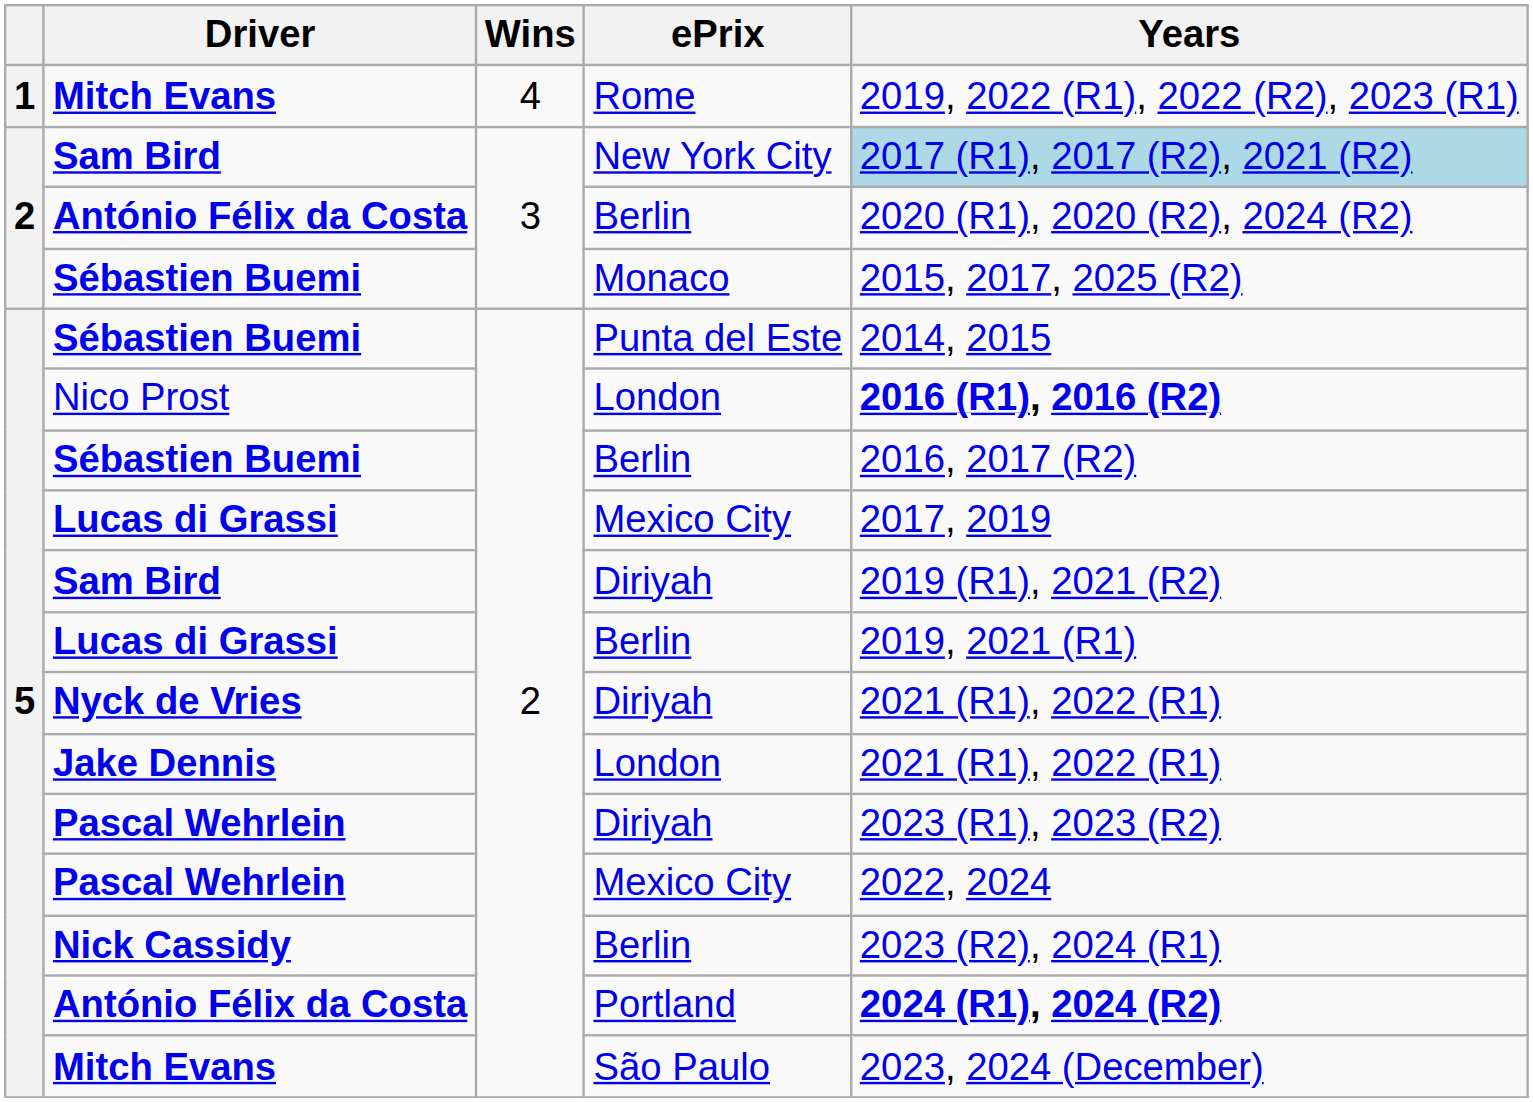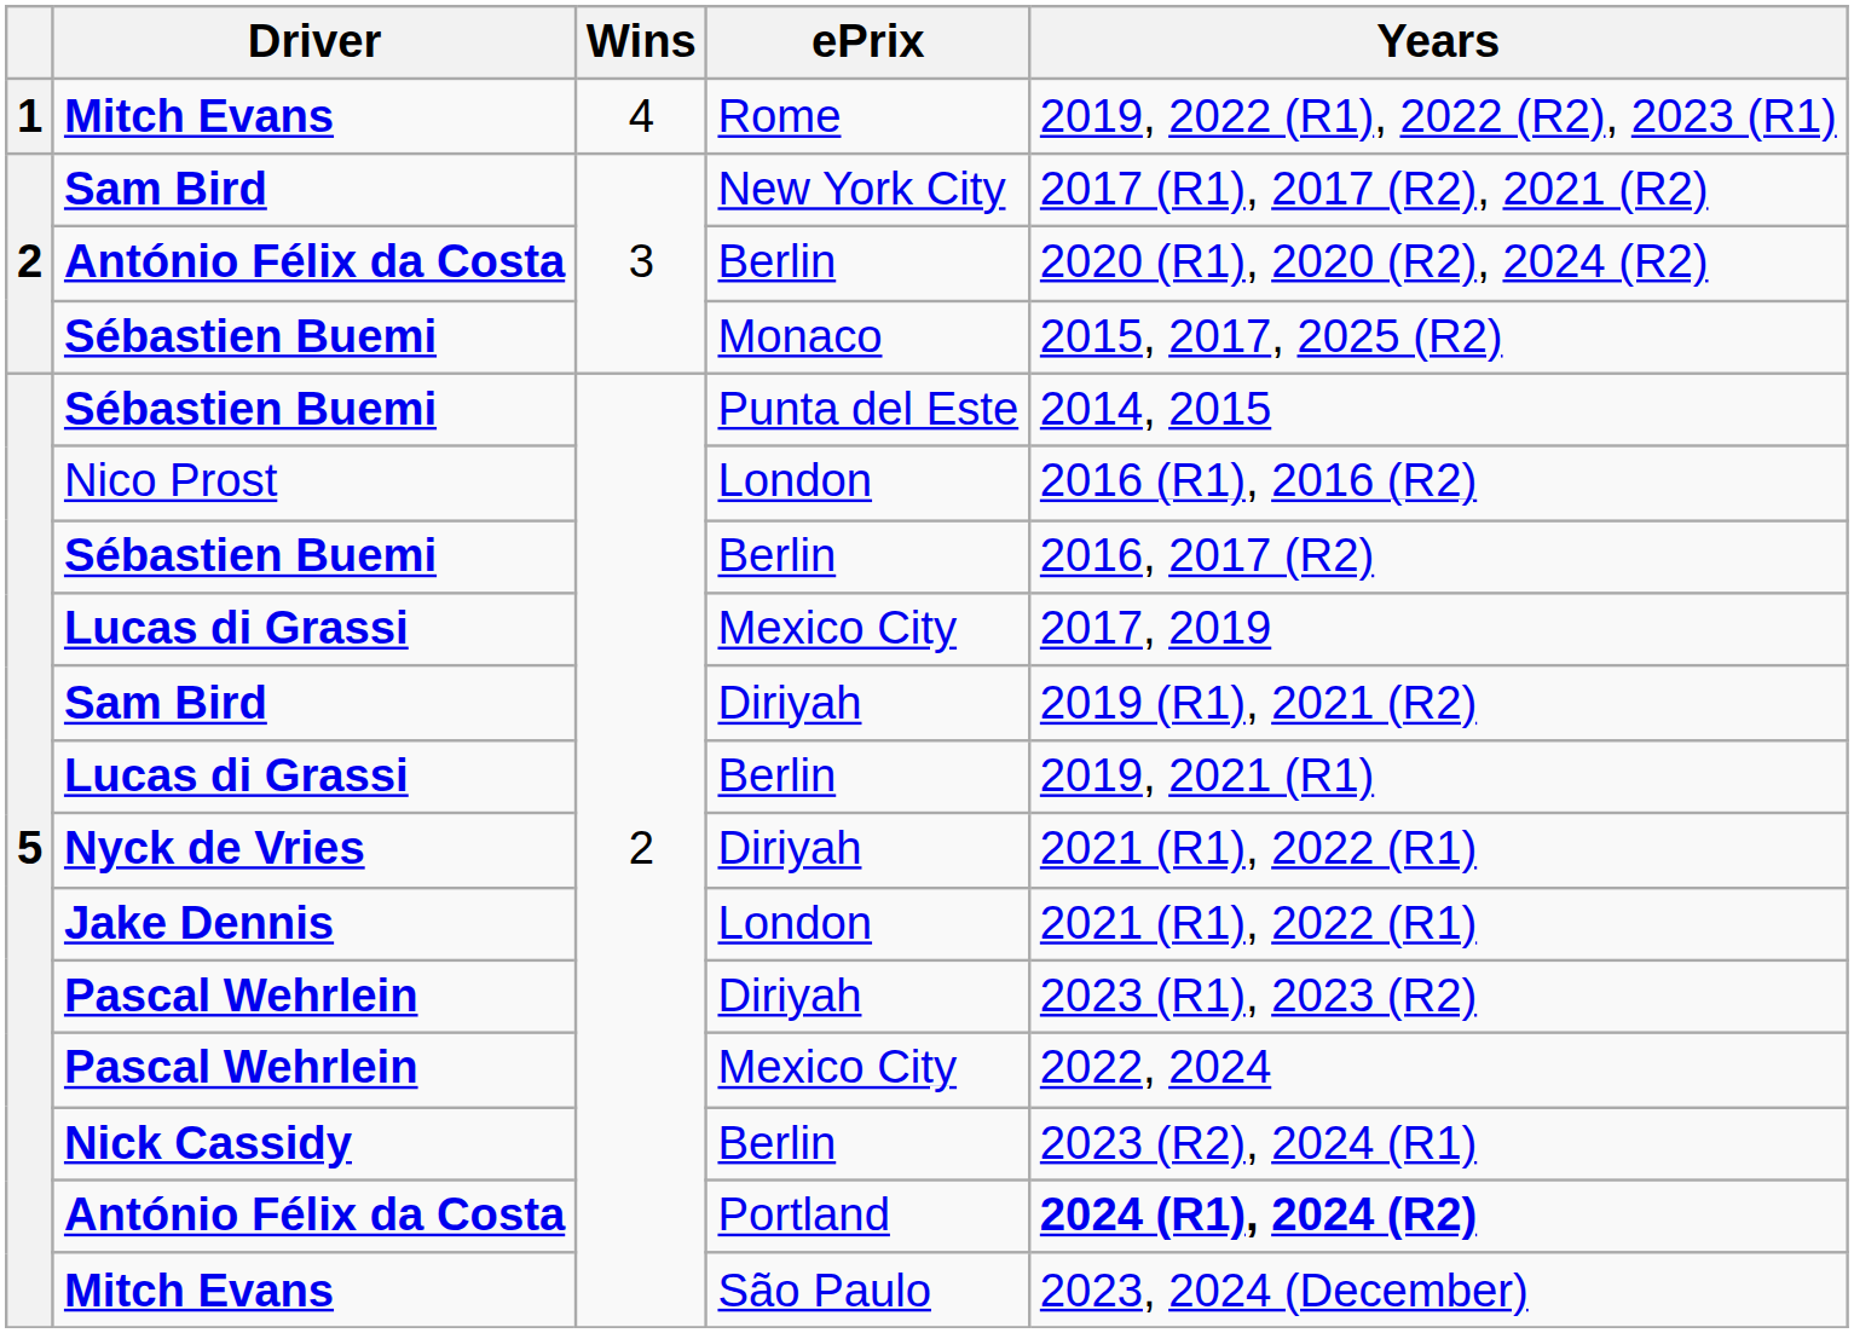 <table class="wikitable">
 <tr>
 <th></th>
 <th>Driver</th>
 <th>Wins</th>
 <th>ePrix</th>
 <th>Years</th>
 </tr>
 <tr>
 <th>1</th>
 <td align=left> <strong><a href='#'>Mitch Evans</a></strong></td>
 <td align="center">4</td>
 <td><a href='#'>Rome</a></td>
 <td><a href='#'>2019</a>, <a href='#'>2022 (R1)</a>, <a href='#'>2022 (R2)</a>, <a href='#'>2023 (R1)</a></td>
 </tr>
 <tr>
 <th rowspan=3>2</th>
 <td align=left> <strong><a href='#'>Sam Bird</a></strong></td>
 <td rowspan=3 align="center">3</td>
 <td><a href='#'>New York City</a></td>
-<td style="background: lightblue;"><a href='#'>2017 (R1)</a>, <a href='#'>2017 (R2)</a>, <a href='#'>2021 (R2)</a></td>
+<td><a href='#'>2017 (R1)</a>, <a href='#'>2017 (R2)</a>, <a href='#'>2021 (R2)</a></td>
 </tr>
 <tr>
 <td> <strong><a href='#'>António Félix da Costa</a></strong></td>
 <td><a href='#'>Berlin</a></td>
 <td><a href='#'>2020 (R1)</a>, <a href='#'>2020 (R2)</a>, <a href='#'>2024 (R2)</a></td>
 </tr>
 <tr>
 <td align=left> <strong><a href='#'>Sébastien Buemi</a></strong></td>
 <td><a href='#'>Monaco</a></td>
 <td><a href='#'>2015</a>, <a href='#'>2017</a>, <a href='#'>2025 (R2)</a></td>
 </tr>
 <tr>
 <th rowspan="13">5</th>
 <td align=left> <strong><a href='#'>Sébastien Buemi</a></strong></td>
 <td rowspan="14" align="center">2</td>
 <td><a href='#'>Punta del Este</a></td>
 <td><a href='#'>2014</a>, <a href='#'>2015</a></td>
 </tr>
 <tr>
 <td align=left> <a href='#'>Nico Prost</a></td>
 <td><a href='#'>London</a></td>
-<td><strong><a href='#'>2016 (R1)</a>, <a href='#'>2016 (R2)</a></strong></td>
+<td><a href='#'>2016 (R1)</a>, <a href='#'>2016 (R2)</a></td>
 </tr>
 <tr>
 <td align=left> <strong><a href='#'>Sébastien Buemi</a></strong></td>
 <td><a href='#'>Berlin</a></td>
 <td><a href='#'>2016</a>, <a href='#'>2017 (R2)</a></td>
 </tr>
 <tr>
 <td> <strong><a href='#'>Lucas di Grassi</a></strong></td>
 <td><a href='#'>Mexico City</a></td>
 <td><a href='#'>2017</a>, <a href='#'>2019</a></td>
 </tr>
 <tr>
 <td> <strong><a href='#'>Sam Bird</a></strong></td>
 <td><a href='#'>Diriyah</a></td>
 <td><a href='#'>2019 (R1)</a>, <a href='#'>2021 (R2)</a></td>
 </tr>
 <tr>
 <td> <strong><a href='#'>Lucas di Grassi</a></strong></td>
 <td><a href='#'>Berlin</a></td>
 <td><a href='#'>2019</a>,  <a href='#'>2021 (R1)</a></td>
 </tr>
 <tr>
 <td> <strong><a href='#'>Nyck de Vries</a></strong></td>
 <td><a href='#'>Diriyah</a></td>
 <td><a href='#'>2021 (R1)</a>, <a href='#'>2022 (R1)</a></td>
 </tr>
 <tr>
 <td> <strong><a href='#'>Jake Dennis</a></strong></td>
 <td><a href='#'>London</a></td>
 <td><a href='#'>2021 (R1)</a>, <a href='#'>2022 (R1)</a></td>
 </tr>
 <tr>
 <td> <strong><a href='#'>Pascal Wehrlein</a></strong></td>
 <td><a href='#'>Diriyah</a></td>
 <td><a href='#'>2023 (R1)</a>, <a href='#'>2023 (R2)</a></td>
 </tr>
 <tr>
 <td> <strong><a href='#'>Pascal Wehrlein</a></strong></td>
 <td><a href='#'>Mexico City</a></td>
 <td><a href='#'>2022</a>, <a href='#'>2024</a></td>
 </tr>
 <tr>
 <td> <strong><a href='#'>Nick Cassidy</a></strong></td>
 <td><a href='#'>Berlin</a></td>
 <td><a href='#'>2023 (R2)</a>, <a href='#'>2024 (R1)</a></td>
 </tr>
 <tr>
 <td> <strong><a href='#'>António Félix da Costa</a></strong></td>
 <td><a href='#'>Portland</a></td>
 <td><strong><a href='#'>2024 (R1)</a>, <a href='#'>2024 (R2)</a></strong></td>
 </tr>
 <tr>
 <td> <strong><a href='#'>Mitch Evans</a></strong></td>
 <td><a href='#'>São Paulo</a></td>
 <td><a href='#'>2023</a>, <a href='#'>2024 (December)</a></td>
 </tr>
 </table>
